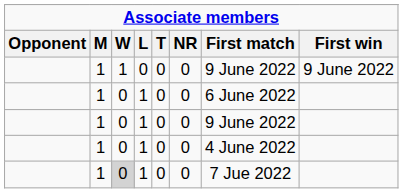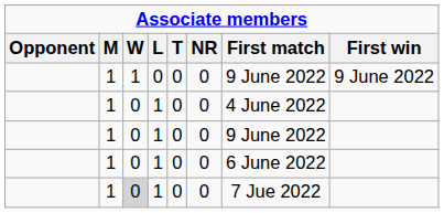 <table class="wikitable" style="text-align: center;">
 <tr>
 </tr>
 <tr>
 <td colspan="30" style="text-align: center;"><strong><a href='#'>Associate members</a></strong></td>
 </tr>
 <tr>
 <th>Opponent</th>
 <th>M</th>
 <th>W</th>
 <th>L</th>
 <th>T</th>
 <th>NR</th>
 <th>First match</th>
 <th>First win</th>
 </tr>
 <tr>
 <td></td>
 <td>1</td>
 <td>1</td>
 <td>0</td>
 <td>0</td>
 <td>0</td>
 <td>9 June 2022</td>
 <td>9 June 2022</td>
 </tr>
 <tr>
 <td></td>
 <td>1</td>
 <td>0</td>
 <td>1</td>
 <td>0</td>
 <td>0</td>
-<td>6 June 2022</td>
+<td>4 June 2022</td>
 <td></td>
 </tr>
 <tr>
 <td></td>
 <td>1</td>
 <td>0</td>
 <td>1</td>
 <td>0</td>
 <td>0</td>
 <td>9 June 2022</td>
 <td></td>
 </tr>
 <tr>
 <td></td>
 <td>1</td>
 <td>0</td>
 <td>1</td>
 <td>0</td>
 <td>0</td>
-<td>4 June 2022</td>
+<td>6 June 2022</td>
 <td></td>
 </tr>
 <tr>
 <td></td>
 <td>1</td>
 <td style="background: lightgrey;">0</td>
 <td>1</td>
 <td>0</td>
 <td>0</td>
 <td>7 Jue 2022</td>
 <td></td>
 </tr>
 </table>
